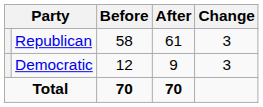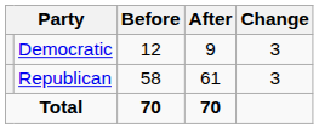 <table class="wikitable" style="text-align:center;">
 <tr>
 <th colspan="2">Party</th>
 <th>Before</th>
 <th>After</th>
 <th>Change</th>
 </tr>
 <tr>
 <th style="background-color:"></th>
-<td style="text-align:left;"><a href='#'>Republican</a></td>
-<td>58</td>
-<td>61</td>
+<td style="text-align:left;"><a href='#'>Democratic</a></td>
+<td>12</td>
+<td>9</td>
 <td> 3</td>
 </tr>
 <tr>
 <th style="background-color:"></th>
-<td style="text-align:left;"><a href='#'>Democratic</a></td>
-<td>12</td>
-<td>9</td>
+<td style="text-align:left;"><a href='#'>Republican</a></td>
+<td>58</td>
+<td>61</td>
 <td> 3</td>
 </tr>
 <tr>
 <td colspan="2"><strong>Total</strong></td>
 <td><strong>70</strong></td>
 <td><strong>70</strong></td>
 <td></td>
 </tr>
 </table>
